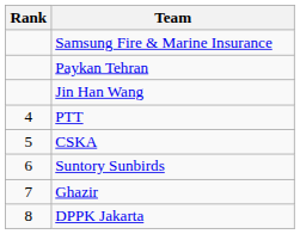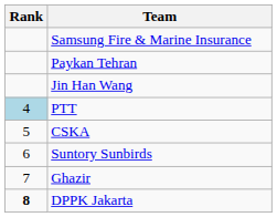 <table class="wikitable" style="text-align: center;">
 <tr>
 <th width=40>Rank</th>
 <th width=240>Team</th>
 </tr>
 <tr>
 <td></td>
 <td align="left"> <a href='#'>Samsung Fire & Marine Insurance</a></td>
 </tr>
 <tr>
 <td></td>
 <td align="left"> <a href='#'>Paykan Tehran</a></td>
 </tr>
 <tr>
 <td></td>
 <td align="left"> <a href='#'>Jin Han Wang</a></td>
 </tr>
 <tr>
-<td>4</td>
+<td style="background: lightblue;">4</td>
 <td align="left"> <a href='#'>PTT</a></td>
 </tr>
 <tr>
 <td>5</td>
 <td align="left"> <a href='#'>CSKA</a></td>
 </tr>
 <tr>
 <td>6</td>
 <td align="left"> <a href='#'>Suntory Sunbirds</a></td>
 </tr>
 <tr>
 <td>7</td>
 <td align="left"> <a href='#'>Ghazir</a></td>
 </tr>
 <tr>
-<td>8</td>
+<td><strong>8</strong></td>
 <td align="left"> <a href='#'>DPPK Jakarta</a></td>
 </tr>
 </table>
